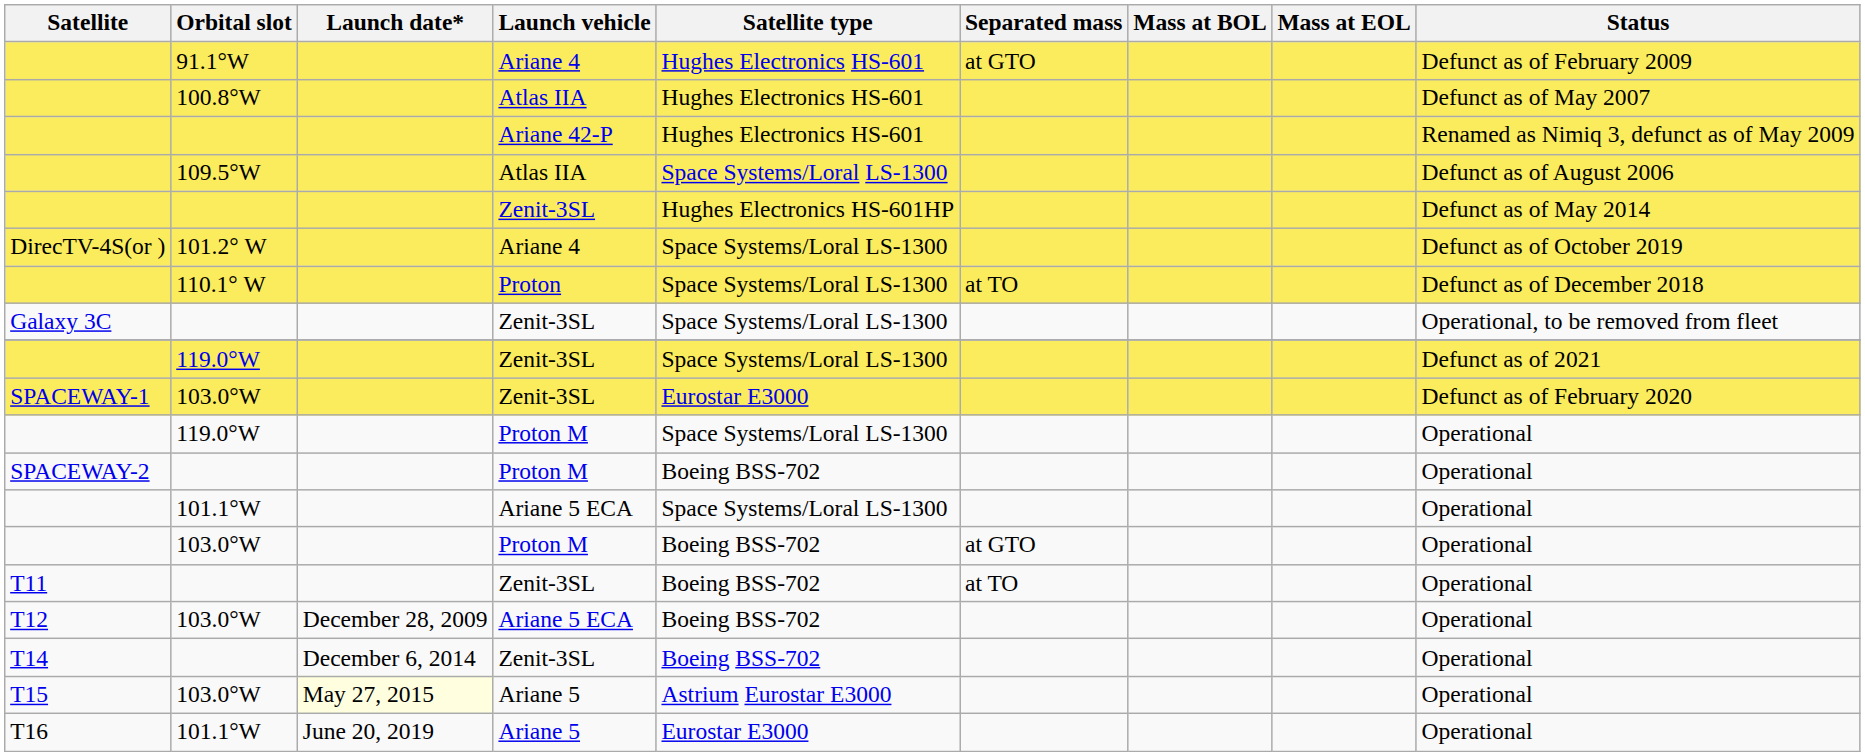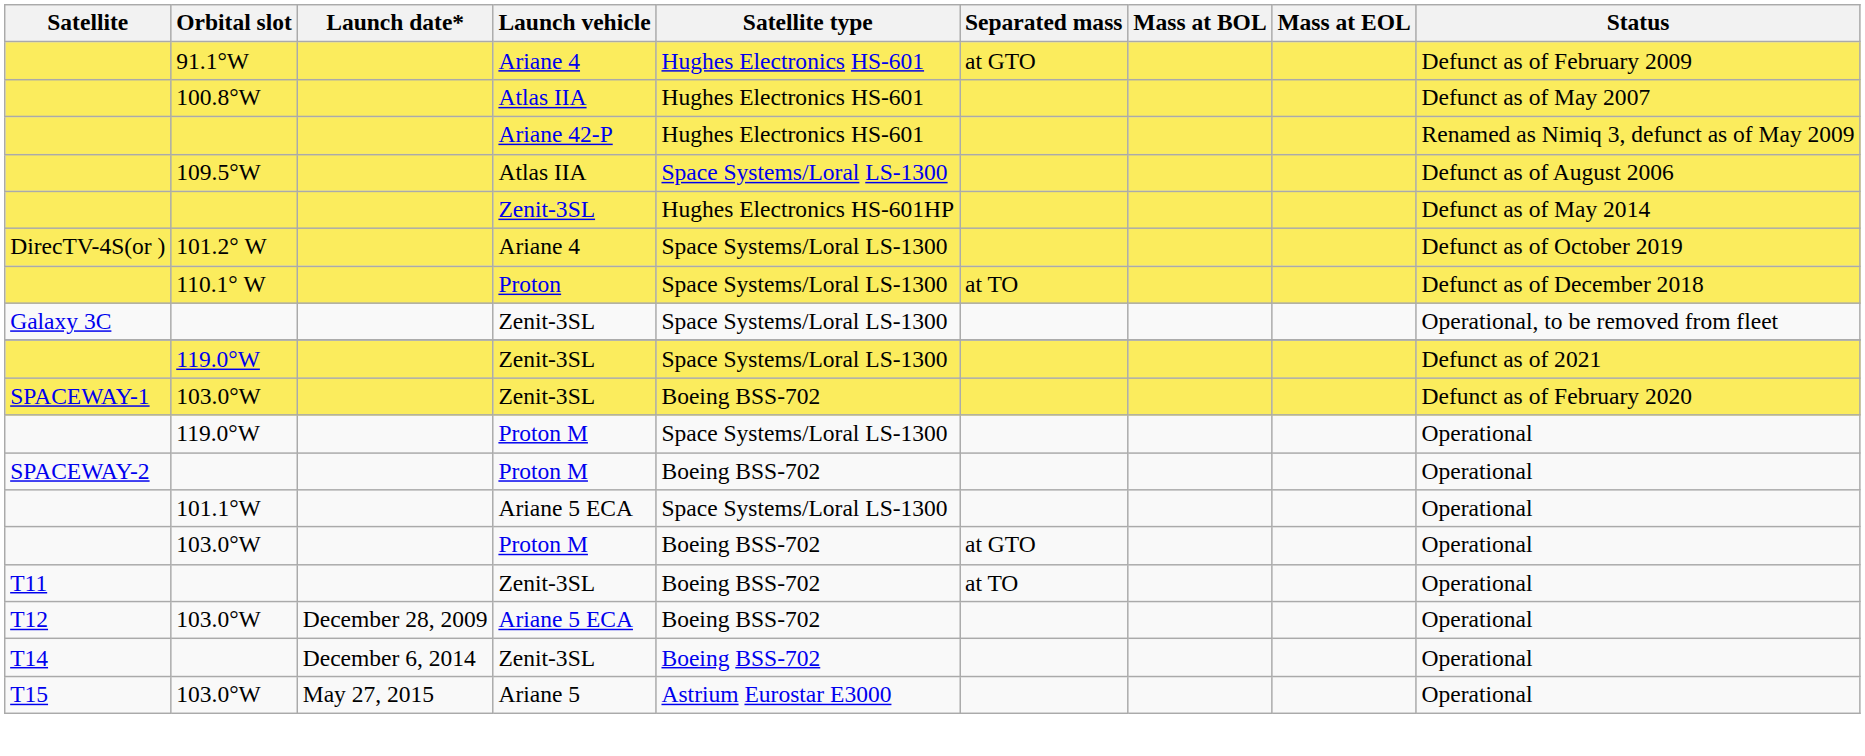 <table class="wikitable sortable">
 <tr>
 <th>Satellite</th>
 <th>Orbital slot</th>
 <th>Launch date*</th>
 <th>Launch vehicle</th>
 <th>Satellite type</th>
 <th>Separated mass</th>
 <th>Mass at BOL</th>
 <th>Mass at EOL</th>
 <th>Status</th>
 </tr>
 <tr style="background:#FBEC5D">
 <td></td>
 <td>91.1°W</td>
 <td></td>
 <td><a href='#'>Ariane 4</a></td>
 <td><a href='#'>Hughes Electronics</a> <a href='#'>HS-601</a></td>
 <td> at GTO</td>
 <td></td>
 <td></td>
 <td>Defunct as of February 2009</td>
 </tr>
 <tr style="background:#FBEC5D">
 <td></td>
 <td>100.8°W</td>
 <td></td>
 <td><a href='#'>Atlas IIA</a></td>
 <td>Hughes Electronics HS-601</td>
 <td></td>
 <td></td>
 <td></td>
 <td>Defunct as of May 2007</td>
 </tr>
 <tr style="background:#FBEC5D">
 <td></td>
 <td></td>
 <td></td>
 <td><a href='#'>Ariane 42-P</a></td>
 <td>Hughes Electronics HS-601</td>
 <td></td>
 <td></td>
 <td></td>
 <td>Renamed as Nimiq 3, defunct as of May 2009</td>
 </tr>
 <tr style="background:#FBEC5D">
 <td></td>
 <td>109.5°W</td>
 <td></td>
 <td>Atlas IIA</td>
 <td><a href='#'>Space Systems/Loral</a> <a href='#'>LS-1300</a></td>
 <td></td>
 <td></td>
 <td></td>
 <td>Defunct as of August 2006</td>
 </tr>
 <tr style="background:#FBEC5D">
 <td></td>
 <td></td>
 <td></td>
 <td><a href='#'>Zenit-3SL</a></td>
 <td>Hughes Electronics HS-601HP</td>
 <td></td>
 <td></td>
 <td></td>
 <td>Defunct as of May 2014</td>
 </tr>
 <tr style="background:#FBEC5D">
 <td>DirecTV-4S(or )</td>
 <td>101.2° W</td>
 <td></td>
 <td>Ariane 4</td>
 <td>Space Systems/Loral LS-1300</td>
 <td></td>
 <td></td>
 <td></td>
 <td>Defunct as of October 2019</td>
 </tr>
 <tr style="background:#FBEC5D">
 <td></td>
 <td>110.1° W</td>
 <td></td>
 <td><a href='#'>Proton</a></td>
 <td>Space Systems/Loral LS-1300</td>
 <td> at TO</td>
 <td></td>
 <td></td>
 <td>Defunct as of December 2018</td>
 </tr>
 <tr>
 <td><a href='#'>Galaxy 3C</a></td>
 <td></td>
 <td></td>
 <td>Zenit-3SL</td>
 <td>Space Systems/Loral LS-1300</td>
 <td></td>
 <td></td>
 <td></td>
 <td>Operational, to be removed from fleet</td>
 </tr>
 <tr style=>
 </tr>
 <tr style="background:#FBEC5D">
 <td></td>
 <td><a href='#'>119.0°W</a></td>
 <td></td>
 <td>Zenit-3SL</td>
 <td>Space Systems/Loral LS-1300</td>
 <td></td>
 <td></td>
 <td></td>
 <td>Defunct as of 2021</td>
 </tr>
 <tr style="background:#FBEC5D">
 <td><a href='#'>SPACEWAY-1</a></td>
 <td>103.0°W</td>
 <td></td>
 <td>Zenit-3SL</td>
-<td><a href='#'>Eurostar E3000</a></td>
+<td>Boeing BSS-702</td>
 <td></td>
 <td></td>
 <td></td>
 <td>Defunct as of February 2020</td>
 </tr>
 <tr style=>
 <td></td>
 <td>119.0°W</td>
 <td></td>
 <td><a href='#'>Proton M</a></td>
 <td>Space Systems/Loral LS-1300</td>
 <td></td>
 <td></td>
 <td></td>
 <td>Operational</td>
 </tr>
 <tr style=>
 <td><a href='#'>SPACEWAY-2</a></td>
 <td></td>
 <td></td>
 <td><a href='#'>Proton M</a></td>
 <td>Boeing BSS-702</td>
 <td></td>
 <td></td>
 <td></td>
 <td>Operational</td>
 </tr>
 <tr>
 <td></td>
 <td>101.1°W</td>
 <td></td>
 <td>Ariane 5 ECA</td>
 <td>Space Systems/Loral LS-1300</td>
 <td></td>
 <td></td>
 <td></td>
 <td>Operational</td>
 </tr>
 <tr>
 <td></td>
 <td>103.0°W</td>
 <td></td>
 <td><a href='#'>Proton M</a></td>
 <td>Boeing BSS-702</td>
 <td> at GTO</td>
 <td></td>
 <td></td>
 <td>Operational</td>
 </tr>
 <tr>
 <td><a href='#'>T11</a></td>
 <td></td>
 <td></td>
 <td>Zenit-3SL</td>
 <td>Boeing BSS-702</td>
 <td> at TO</td>
 <td></td>
 <td></td>
 <td>Operational</td>
 </tr>
 <tr>
 <td><a href='#'>T12</a></td>
 <td>103.0°W</td>
 <td>December 28, 2009</td>
 <td><a href='#'>Ariane 5 ECA</a></td>
 <td>Boeing BSS-702</td>
 <td></td>
 <td></td>
 <td></td>
 <td>Operational</td>
 </tr>
 <tr>
 <td><a href='#'>T14</a></td>
 <td></td>
 <td>December 6, 2014</td>
 <td>Zenit-3SL</td>
 <td><a href='#'>Boeing</a> <a href='#'>BSS-702</a></td>
 <td></td>
 <td></td>
 <td></td>
 <td>Operational</td>
 </tr>
 <tr>
 <td><a href='#'>T15</a></td>
 <td>103.0°W</td>
-<td style="background: lightyellow;">May 27, 2015</td>
+<td>May 27, 2015</td>
 <td>Ariane 5</td>
 <td><a href='#'>Astrium</a> <a href='#'>Eurostar E3000</a></td>
 <td></td>
 <td></td>
 <td></td>
 <td>Operational</td>
 </tr>
-<tr>
-<td>T16</td>
-<td>101.1°W</td>
-<td>June 20, 2019</td>
-<td><a href='#'>Ariane 5</a></td>
-<td><a href='#'>Eurostar E3000</a></td>
-<td></td>
-<td></td>
-<td></td>
-<td>Operational</td>
-</tr>
 </table>
